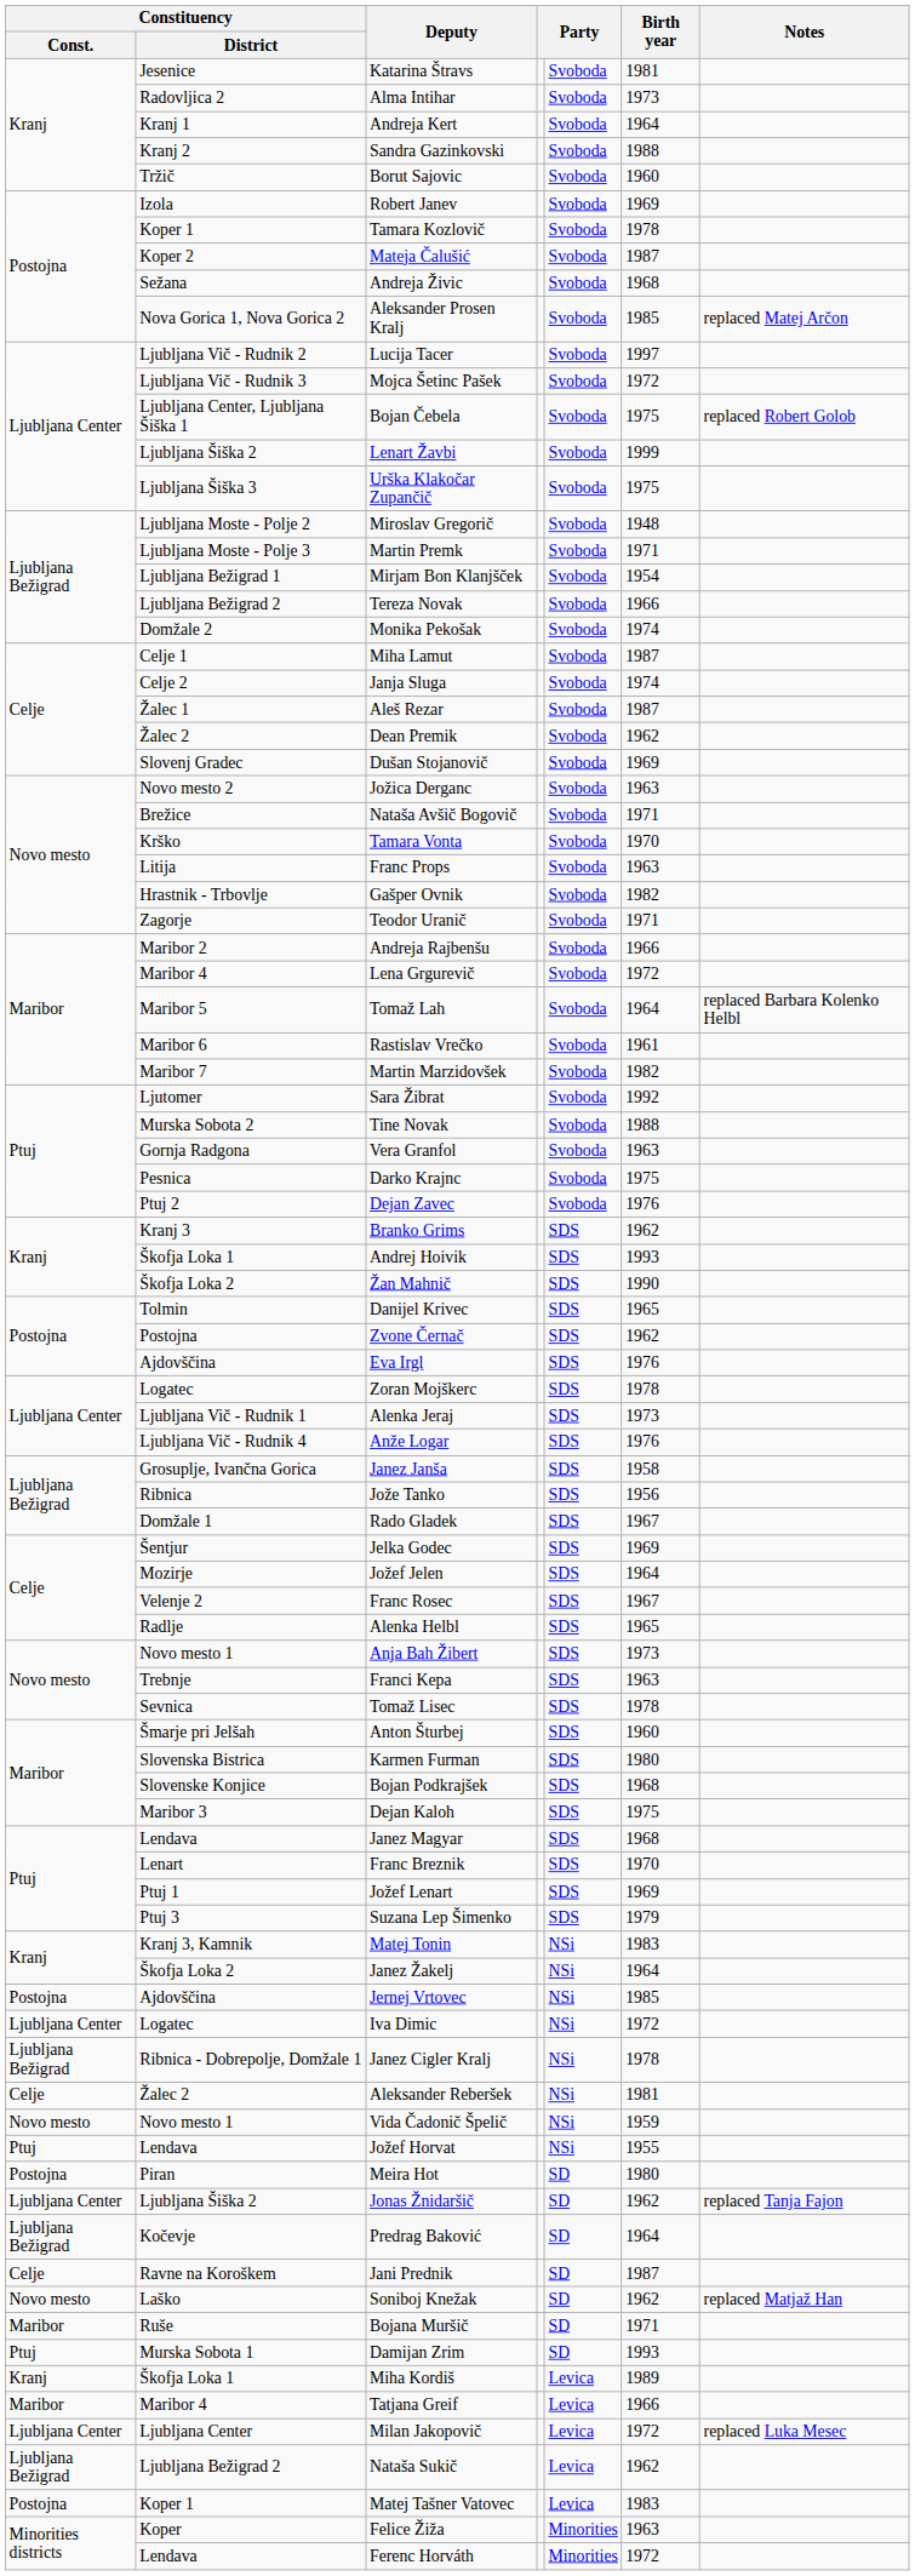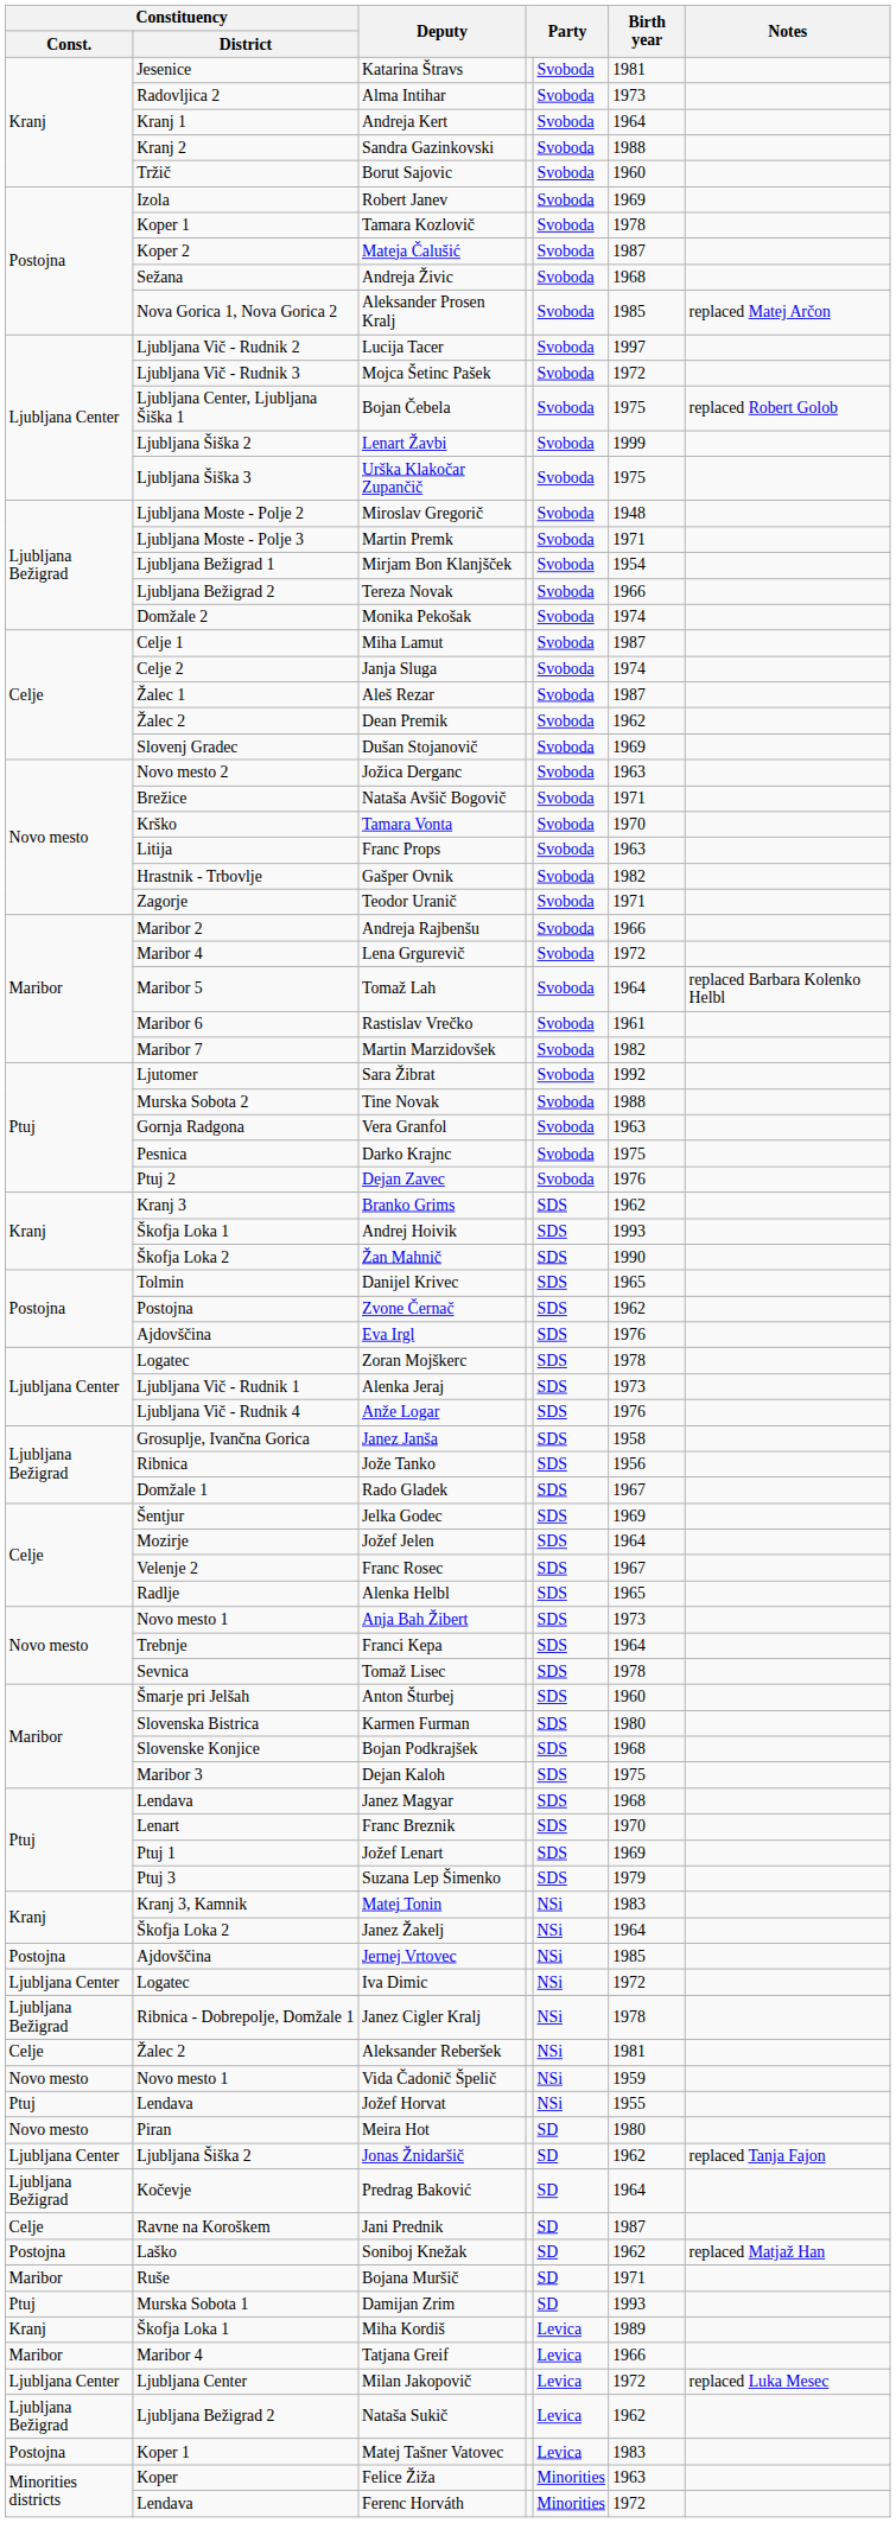 <table class="wikitable sortable" style="text-align:left">
 <tr>
 <th colspan="2">Constituency</th>
 <th rowspan="2">Deputy</th>
 <th colspan="2" rowspan="2">Party</th>
 <th rowspan="2">Birth year</th>
 <th rowspan="2">Notes</th>
 </tr>
 <tr>
 <th>Const.</th>
 <th>District</th>
 </tr>
 <tr>
 <td rowspan="5">Kranj</td>
 <td>Jesenice</td>
 <td>Katarina Štravs</td>
 <td style="background: "></td>
 <td><a href='#'>Svoboda</a></td>
 <td>1981</td>
 <td></td>
 </tr>
 <tr>
 <td>Radovljica 2</td>
 <td>Alma Intihar</td>
 <td style="background: "></td>
 <td><a href='#'>Svoboda</a></td>
 <td>1973</td>
 <td></td>
 </tr>
 <tr>
 <td>Kranj 1</td>
 <td>Andreja Kert</td>
 <td style="background: "></td>
 <td><a href='#'>Svoboda</a></td>
 <td>1964</td>
 <td></td>
 </tr>
 <tr>
 <td>Kranj 2</td>
 <td>Sandra Gazinkovski</td>
 <td style="background: "></td>
 <td><a href='#'>Svoboda</a></td>
 <td>1988</td>
 <td></td>
 </tr>
 <tr>
 <td>Tržič</td>
 <td>Borut Sajovic</td>
 <td style="background: "></td>
 <td><a href='#'>Svoboda</a></td>
 <td>1960</td>
 <td></td>
 </tr>
 <tr>
 <td rowspan="5">Postojna</td>
 <td>Izola</td>
 <td>Robert Janev</td>
 <td style="background: "></td>
 <td><a href='#'>Svoboda</a></td>
 <td>1969</td>
 <td></td>
 </tr>
 <tr>
 <td>Koper 1</td>
 <td>Tamara Kozlovič</td>
 <td style="background: "></td>
 <td><a href='#'>Svoboda</a></td>
 <td>1978</td>
 <td></td>
 </tr>
 <tr>
 <td>Koper 2</td>
 <td><a href='#'>Mateja Čalušić</a></td>
 <td style="background: "></td>
 <td><a href='#'>Svoboda</a></td>
 <td>1987</td>
 <td></td>
 </tr>
 <tr>
 <td>Sežana</td>
 <td>Andreja Živic</td>
 <td style="background: "></td>
 <td><a href='#'>Svoboda</a></td>
 <td>1968</td>
 <td></td>
 </tr>
 <tr>
 <td>Nova Gorica 1, Nova Gorica 2</td>
 <td>Aleksander Prosen Kralj</td>
 <td style="background: "></td>
 <td><a href='#'>Svoboda</a></td>
 <td>1985</td>
 <td>replaced <a href='#'>Matej Arčon</a></td>
 </tr>
 <tr>
 <td rowspan="5">Ljubljana Center</td>
 <td>Ljubljana Vič - Rudnik 2</td>
 <td>Lucija Tacer</td>
 <td style="background: "></td>
 <td><a href='#'>Svoboda</a></td>
 <td>1997</td>
 <td></td>
 </tr>
 <tr>
 <td>Ljubljana Vič - Rudnik 3</td>
 <td>Mojca Šetinc Pašek</td>
 <td style="background: "></td>
 <td><a href='#'>Svoboda</a></td>
 <td>1972</td>
 <td></td>
 </tr>
 <tr>
 <td>Ljubljana Center, Ljubljana Šiška 1</td>
 <td>Bojan Čebela</td>
 <td style="background: "></td>
 <td><a href='#'>Svoboda</a></td>
 <td>1975</td>
 <td>replaced <a href='#'>Robert Golob</a></td>
 </tr>
 <tr>
 <td>Ljubljana Šiška 2</td>
 <td><a href='#'>Lenart Žavbi</a></td>
 <td style="background: "></td>
 <td><a href='#'>Svoboda</a></td>
 <td>1999</td>
 <td></td>
 </tr>
 <tr>
 <td>Ljubljana Šiška 3</td>
 <td><a href='#'>Urška Klakočar Zupančič</a></td>
 <td style="background: "></td>
 <td><a href='#'>Svoboda</a></td>
 <td>1975</td>
 <td></td>
 </tr>
 <tr>
 <td rowspan="5">Ljubljana Bežigrad</td>
 <td>Ljubljana Moste - Polje 2</td>
 <td>Miroslav Gregorič</td>
 <td style="background: "></td>
 <td><a href='#'>Svoboda</a></td>
 <td>1948</td>
 <td></td>
 </tr>
 <tr>
 <td>Ljubljana Moste - Polje 3</td>
 <td>Martin Premk</td>
 <td style="background: "></td>
 <td><a href='#'>Svoboda</a></td>
 <td>1971</td>
 <td></td>
 </tr>
 <tr>
 <td>Ljubljana Bežigrad 1</td>
 <td>Mirjam Bon Klanjšček</td>
 <td style="background: "></td>
 <td><a href='#'>Svoboda</a></td>
 <td>1954</td>
 <td></td>
 </tr>
 <tr>
 <td>Ljubljana Bežigrad 2</td>
 <td>Tereza Novak</td>
 <td style="background: "></td>
 <td><a href='#'>Svoboda</a></td>
 <td>1966</td>
 <td></td>
 </tr>
 <tr>
 <td>Domžale 2</td>
 <td>Monika Pekošak</td>
 <td style="background: "></td>
 <td><a href='#'>Svoboda</a></td>
 <td>1974</td>
 <td></td>
 </tr>
 <tr>
 <td rowspan="5">Celje</td>
 <td>Celje 1</td>
 <td>Miha Lamut</td>
 <td style="background: "></td>
 <td><a href='#'>Svoboda</a></td>
 <td>1987</td>
 <td></td>
 </tr>
 <tr>
 <td>Celje 2</td>
 <td>Janja Sluga</td>
 <td style="background: "></td>
 <td><a href='#'>Svoboda</a></td>
 <td>1974</td>
 <td></td>
 </tr>
 <tr>
 <td>Žalec 1</td>
 <td>Aleš Rezar</td>
 <td style="background: "></td>
 <td><a href='#'>Svoboda</a></td>
 <td>1987</td>
 <td></td>
 </tr>
 <tr>
 <td>Žalec 2</td>
 <td>Dean Premik</td>
 <td style="background: "></td>
 <td><a href='#'>Svoboda</a></td>
 <td>1962</td>
 <td></td>
 </tr>
 <tr>
 <td>Slovenj Gradec</td>
 <td>Dušan Stojanovič</td>
 <td style="background: "></td>
 <td><a href='#'>Svoboda</a></td>
 <td>1969</td>
 <td></td>
 </tr>
 <tr>
 <td rowspan="6">Novo mesto</td>
 <td>Novo mesto 2</td>
 <td>Jožica Derganc</td>
 <td style="background: "></td>
 <td><a href='#'>Svoboda</a></td>
 <td>1963</td>
 <td></td>
 </tr>
 <tr>
 <td>Brežice</td>
 <td>Nataša Avšič Bogovič</td>
 <td style="background: "></td>
 <td><a href='#'>Svoboda</a></td>
 <td>1971</td>
 <td></td>
 </tr>
 <tr>
 <td>Krško</td>
 <td><a href='#'>Tamara Vonta</a></td>
 <td style="background: "></td>
 <td><a href='#'>Svoboda</a></td>
 <td>1970</td>
 <td></td>
 </tr>
 <tr>
 <td>Litija</td>
 <td>Franc Props</td>
 <td style="background: "></td>
 <td><a href='#'>Svoboda</a></td>
 <td>1963</td>
 <td></td>
 </tr>
 <tr>
 <td>Hrastnik - Trbovlje</td>
 <td>Gašper Ovnik</td>
 <td style="background: "></td>
 <td><a href='#'>Svoboda</a></td>
 <td>1982</td>
 <td></td>
 </tr>
 <tr>
 <td>Zagorje</td>
 <td>Teodor Uranič</td>
 <td style="background: "></td>
 <td><a href='#'>Svoboda</a></td>
 <td>1971</td>
 <td></td>
 </tr>
 <tr>
 <td rowspan="5">Maribor</td>
 <td>Maribor 2</td>
 <td>Andreja Rajbenšu</td>
 <td style="background: "></td>
 <td><a href='#'>Svoboda</a></td>
 <td>1966</td>
 <td></td>
 </tr>
 <tr>
 <td>Maribor 4</td>
 <td>Lena Grgurevič</td>
 <td style="background: "></td>
 <td><a href='#'>Svoboda</a></td>
 <td>1972</td>
 <td></td>
 </tr>
 <tr>
 <td>Maribor 5</td>
 <td>Tomaž Lah</td>
 <td style="background: "></td>
 <td><a href='#'>Svoboda</a></td>
 <td>1964</td>
 <td>replaced Barbara Kolenko Helbl</td>
 </tr>
 <tr>
 <td>Maribor 6</td>
 <td>Rastislav Vrečko</td>
 <td style="background: "></td>
 <td><a href='#'>Svoboda</a></td>
 <td>1961</td>
 <td></td>
 </tr>
 <tr>
 <td>Maribor 7</td>
 <td>Martin Marzidovšek</td>
 <td style="background: "></td>
 <td><a href='#'>Svoboda</a></td>
 <td>1982</td>
 <td></td>
 </tr>
 <tr>
 <td rowspan="5">Ptuj</td>
 <td>Ljutomer</td>
 <td>Sara Žibrat</td>
 <td style="background: "></td>
 <td><a href='#'>Svoboda</a></td>
 <td>1992</td>
 <td></td>
 </tr>
 <tr>
 <td>Murska Sobota 2</td>
 <td>Tine Novak</td>
 <td style="background: "></td>
 <td><a href='#'>Svoboda</a></td>
 <td>1988</td>
 <td></td>
 </tr>
 <tr>
 <td>Gornja Radgona</td>
 <td>Vera Granfol</td>
 <td style="background: "></td>
 <td><a href='#'>Svoboda</a></td>
 <td>1963</td>
 <td></td>
 </tr>
 <tr>
 <td>Pesnica</td>
 <td>Darko Krajnc</td>
 <td style="background: "></td>
 <td><a href='#'>Svoboda</a></td>
 <td>1975</td>
 <td></td>
 </tr>
 <tr>
 <td>Ptuj 2</td>
 <td><a href='#'>Dejan Zavec</a></td>
 <td style="background: "></td>
 <td><a href='#'>Svoboda</a></td>
 <td>1976</td>
 <td></td>
 </tr>
 <tr>
 <td rowspan="3">Kranj</td>
 <td>Kranj 3</td>
 <td><a href='#'>Branko Grims</a></td>
 <td style="background: "></td>
 <td><a href='#'>SDS</a></td>
 <td>1962</td>
 <td></td>
 </tr>
 <tr>
 <td>Škofja Loka 1</td>
 <td>Andrej Hoivik</td>
 <td style="background: "></td>
 <td><a href='#'>SDS</a></td>
 <td>1993</td>
 <td></td>
 </tr>
 <tr>
 <td>Škofja Loka 2</td>
 <td><a href='#'>Žan Mahnič</a></td>
 <td style="background: "></td>
 <td><a href='#'>SDS</a></td>
 <td>1990</td>
 <td></td>
 </tr>
 <tr>
 <td rowspan="3">Postojna</td>
 <td>Tolmin</td>
 <td>Danijel Krivec</td>
 <td style="background: "></td>
 <td><a href='#'>SDS</a></td>
 <td>1965</td>
 <td></td>
 </tr>
 <tr>
 <td>Postojna</td>
 <td><a href='#'>Zvone Černač</a></td>
 <td style="background: "></td>
 <td><a href='#'>SDS</a></td>
 <td>1962</td>
 <td></td>
 </tr>
 <tr>
 <td>Ajdovščina</td>
 <td><a href='#'>Eva Irgl</a></td>
 <td style="background: "></td>
 <td><a href='#'>SDS</a></td>
 <td>1976</td>
 <td></td>
 </tr>
 <tr>
 <td rowspan="3">Ljubljana Center</td>
 <td>Logatec</td>
 <td>Zoran Mojškerc</td>
 <td style="background: "></td>
 <td><a href='#'>SDS</a></td>
 <td>1978</td>
 <td></td>
 </tr>
 <tr>
 <td>Ljubljana Vič - Rudnik 1</td>
 <td>Alenka Jeraj</td>
 <td style="background: "></td>
 <td><a href='#'>SDS</a></td>
 <td>1973</td>
 <td></td>
 </tr>
 <tr>
 <td>Ljubljana Vič - Rudnik 4</td>
 <td><a href='#'>Anže Logar</a></td>
 <td style="background: "></td>
 <td><a href='#'>SDS</a></td>
 <td>1976</td>
 <td></td>
 </tr>
 <tr>
 <td rowspan="3">Ljubljana Bežigrad</td>
 <td>Grosuplje, Ivančna Gorica</td>
 <td><a href='#'>Janez Janša</a></td>
 <td style="background: "></td>
 <td><a href='#'>SDS</a></td>
 <td>1958</td>
 <td></td>
 </tr>
 <tr>
 <td>Ribnica</td>
 <td>Jože Tanko</td>
 <td style="background: "></td>
 <td><a href='#'>SDS</a></td>
 <td>1956</td>
 <td></td>
 </tr>
 <tr>
 <td>Domžale 1</td>
 <td>Rado Gladek</td>
 <td style="background: "></td>
 <td><a href='#'>SDS</a></td>
 <td>1967</td>
 <td></td>
 </tr>
 <tr>
 <td rowspan="4">Celje</td>
 <td>Šentjur</td>
 <td>Jelka Godec</td>
 <td style="background: "></td>
 <td><a href='#'>SDS</a></td>
 <td>1969</td>
 <td></td>
 </tr>
 <tr>
 <td>Mozirje</td>
 <td>Jožef Jelen</td>
 <td style="background: "></td>
 <td><a href='#'>SDS</a></td>
 <td>1964</td>
 <td></td>
 </tr>
 <tr>
 <td>Velenje 2</td>
 <td>Franc Rosec</td>
 <td style="background: "></td>
 <td><a href='#'>SDS</a></td>
 <td>1967</td>
 <td></td>
 </tr>
 <tr>
 <td>Radlje</td>
 <td>Alenka Helbl</td>
 <td style="background: "></td>
 <td><a href='#'>SDS</a></td>
 <td>1965</td>
 <td></td>
 </tr>
 <tr>
 <td rowspan="3">Novo mesto</td>
 <td>Novo mesto 1</td>
 <td><a href='#'>Anja Bah Žibert</a></td>
 <td style="background: "></td>
 <td><a href='#'>SDS</a></td>
 <td>1973</td>
 <td></td>
 </tr>
 <tr>
 <td>Trebnje</td>
 <td>Franci Kepa</td>
 <td style="background: "></td>
 <td><a href='#'>SDS</a></td>
-<td>1963</td>
+<td>1964</td>
 <td></td>
 </tr>
 <tr>
 <td>Sevnica</td>
 <td>Tomaž Lisec</td>
 <td style="background: "></td>
 <td><a href='#'>SDS</a></td>
 <td>1978</td>
 <td></td>
 </tr>
 <tr>
 <td rowspan="4">Maribor</td>
 <td>Šmarje pri Jelšah</td>
 <td>Anton Šturbej</td>
 <td style="background: "></td>
 <td><a href='#'>SDS</a></td>
 <td>1960</td>
 <td></td>
 </tr>
 <tr>
 <td>Slovenska Bistrica</td>
 <td>Karmen Furman</td>
 <td style="background: "></td>
 <td><a href='#'>SDS</a></td>
 <td>1980</td>
 <td></td>
 </tr>
 <tr>
 <td>Slovenske Konjice</td>
 <td>Bojan Podkrajšek</td>
 <td style="background: "></td>
 <td><a href='#'>SDS</a></td>
 <td>1968</td>
 <td></td>
 </tr>
 <tr>
 <td>Maribor 3</td>
 <td>Dejan Kaloh</td>
 <td style="background: "></td>
 <td><a href='#'>SDS</a></td>
 <td>1975</td>
 <td></td>
 </tr>
 <tr>
 <td rowspan="4">Ptuj</td>
 <td>Lendava</td>
 <td>Janez Magyar</td>
 <td style="background: "></td>
 <td><a href='#'>SDS</a></td>
 <td>1968</td>
 <td></td>
 </tr>
 <tr>
 <td>Lenart</td>
 <td>Franc Breznik</td>
 <td style="background: "></td>
 <td><a href='#'>SDS</a></td>
 <td>1970</td>
 <td></td>
 </tr>
 <tr>
 <td>Ptuj 1</td>
 <td>Jožef Lenart</td>
 <td style="background: "></td>
 <td><a href='#'>SDS</a></td>
 <td>1969</td>
 <td></td>
 </tr>
 <tr>
 <td>Ptuj 3</td>
 <td>Suzana Lep Šimenko</td>
 <td style="background: "></td>
 <td><a href='#'>SDS</a></td>
 <td>1979</td>
 <td></td>
 </tr>
 <tr>
 <td rowspan="2">Kranj</td>
 <td>Kranj 3, Kamnik</td>
 <td><a href='#'>Matej Tonin</a></td>
 <td style="background: "></td>
 <td><a href='#'>NSi</a></td>
 <td>1983</td>
 <td></td>
 </tr>
 <tr>
 <td>Škofja Loka 2</td>
 <td>Janez Žakelj</td>
 <td style="background: "></td>
 <td><a href='#'>NSi</a></td>
 <td>1964</td>
 <td></td>
 </tr>
 <tr>
 <td>Postojna</td>
 <td>Ajdovščina</td>
 <td><a href='#'>Jernej Vrtovec</a></td>
 <td style="background: "></td>
 <td><a href='#'>NSi</a></td>
 <td>1985</td>
 <td></td>
 </tr>
 <tr>
 <td>Ljubljana Center</td>
 <td>Logatec</td>
 <td>Iva Dimic</td>
 <td style="background: "></td>
 <td><a href='#'>NSi</a></td>
 <td>1972</td>
 <td></td>
 </tr>
 <tr>
 <td>Ljubljana Bežigrad</td>
 <td>Ribnica - Dobrepolje, Domžale 1</td>
 <td>Janez Cigler Kralj</td>
 <td style="background: "></td>
 <td><a href='#'>NSi</a></td>
 <td>1978</td>
 <td></td>
 </tr>
 <tr>
 <td>Celje</td>
 <td>Žalec 2</td>
 <td>Aleksander Reberšek</td>
 <td style="background: "></td>
 <td><a href='#'>NSi</a></td>
 <td>1981</td>
 <td></td>
 </tr>
 <tr>
 <td>Novo mesto</td>
 <td>Novo mesto 1</td>
 <td>Vida Čadonič Špelič</td>
 <td style="background: "></td>
 <td><a href='#'>NSi</a></td>
 <td>1959</td>
 <td></td>
 </tr>
 <tr>
 <td>Ptuj</td>
 <td>Lendava</td>
 <td>Jožef Horvat</td>
 <td style="background: "></td>
 <td><a href='#'>NSi</a></td>
 <td>1955</td>
 <td></td>
 </tr>
 <tr>
-<td>Postojna</td>
+<td>Novo mesto</td>
 <td>Piran</td>
 <td>Meira Hot</td>
 <td style="background: "></td>
 <td><a href='#'>SD</a></td>
 <td>1980</td>
 <td></td>
 </tr>
 <tr>
 <td>Ljubljana Center</td>
 <td>Ljubljana Šiška 2</td>
 <td><a href='#'>Jonas Žnidaršič</a></td>
 <td style="background: "></td>
 <td><a href='#'>SD</a></td>
 <td>1962</td>
 <td>replaced <a href='#'>Tanja Fajon</a></td>
 </tr>
 <tr>
 <td>Ljubljana Bežigrad</td>
 <td>Kočevje</td>
 <td>Predrag Baković</td>
 <td style="background: "></td>
 <td><a href='#'>SD</a></td>
 <td>1964</td>
 <td></td>
 </tr>
 <tr>
 <td>Celje</td>
 <td>Ravne na Koroškem</td>
 <td>Jani Prednik</td>
 <td style="background: "></td>
 <td><a href='#'>SD</a></td>
 <td>1987</td>
 <td></td>
 </tr>
 <tr>
-<td>Novo mesto</td>
+<td>Postojna</td>
 <td>Laško</td>
 <td>Soniboj Knežak</td>
 <td style="background: "></td>
 <td><a href='#'>SD</a></td>
 <td>1962</td>
 <td>replaced <a href='#'>Matjaž Han</a></td>
 </tr>
 <tr>
 <td>Maribor</td>
 <td>Ruše</td>
 <td>Bojana Muršič</td>
 <td style="background: "></td>
 <td><a href='#'>SD</a></td>
 <td>1971</td>
 <td></td>
 </tr>
 <tr>
 <td>Ptuj</td>
 <td>Murska Sobota 1</td>
 <td>Damijan Zrim</td>
 <td style="background: "></td>
 <td><a href='#'>SD</a></td>
 <td>1993</td>
 <td></td>
 </tr>
 <tr>
 <td>Kranj</td>
 <td>Škofja Loka 1</td>
 <td>Miha Kordiš</td>
 <td style="background: "></td>
 <td><a href='#'>Levica</a></td>
 <td>1989</td>
 <td></td>
 </tr>
 <tr>
 <td>Maribor</td>
 <td>Maribor 4</td>
 <td>Tatjana Greif</td>
 <td style="background: "></td>
 <td><a href='#'>Levica</a></td>
 <td>1966</td>
 <td></td>
 </tr>
 <tr>
 <td>Ljubljana Center</td>
 <td>Ljubljana Center</td>
 <td>Milan Jakopovič</td>
 <td style="background: "></td>
 <td><a href='#'>Levica</a></td>
 <td>1972</td>
 <td>replaced <a href='#'>Luka Mesec</a></td>
 </tr>
 <tr>
 <td>Ljubljana Bežigrad</td>
 <td>Ljubljana Bežigrad 2</td>
 <td>Nataša Sukič</td>
 <td style="background: "></td>
 <td><a href='#'>Levica</a></td>
 <td>1962</td>
 <td></td>
 </tr>
 <tr>
 <td>Postojna</td>
 <td>Koper 1</td>
 <td>Matej Tašner Vatovec</td>
 <td style="background: "></td>
 <td><a href='#'>Levica</a></td>
 <td>1983</td>
 <td></td>
 </tr>
 <tr>
 <td rowspan="2">Minorities districts</td>
 <td>Koper</td>
 <td>Felice Žiža</td>
 <td style="background: "></td>
 <td><a href='#'>Minorities</a></td>
 <td>1963</td>
 <td></td>
 </tr>
 <tr>
 <td>Lendava</td>
 <td>Ferenc Horváth</td>
 <td style="background: "></td>
 <td><a href='#'>Minorities</a></td>
 <td>1972</td>
 <td></td>
 </tr>
 </table>
